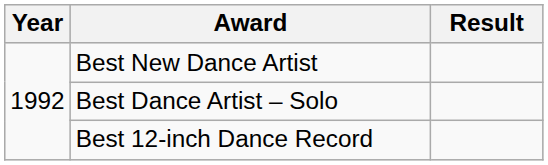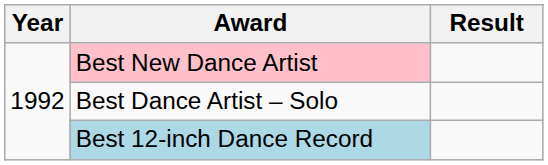 <table class="wikitable">
 <tr>
 <th>Year</th>
 <th width=230>Award</th>
 <th width=66>Result</th>
 </tr>
 <tr>
 <td rowspan=3>1992</td>
-<td>Best New Dance Artist</td>
+<td style="background: pink;">Best New Dance Artist</td>
 <td></td>
 </tr>
 <tr>
 <td>Best Dance Artist – Solo</td>
 <td></td>
 </tr>
 <tr>
-<td>Best 12-inch Dance Record</td>
+<td style="background: lightblue;">Best 12-inch Dance Record</td>
 <td></td>
 </tr>
 </table>
